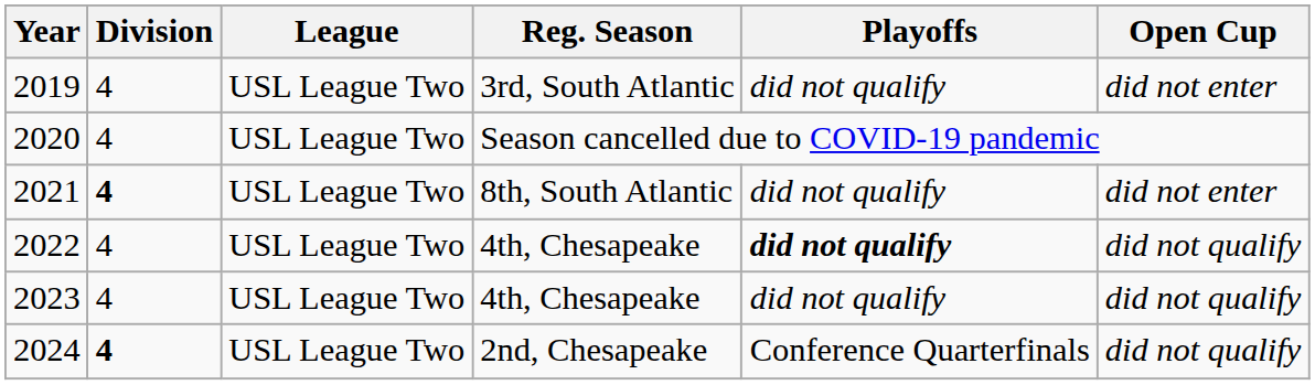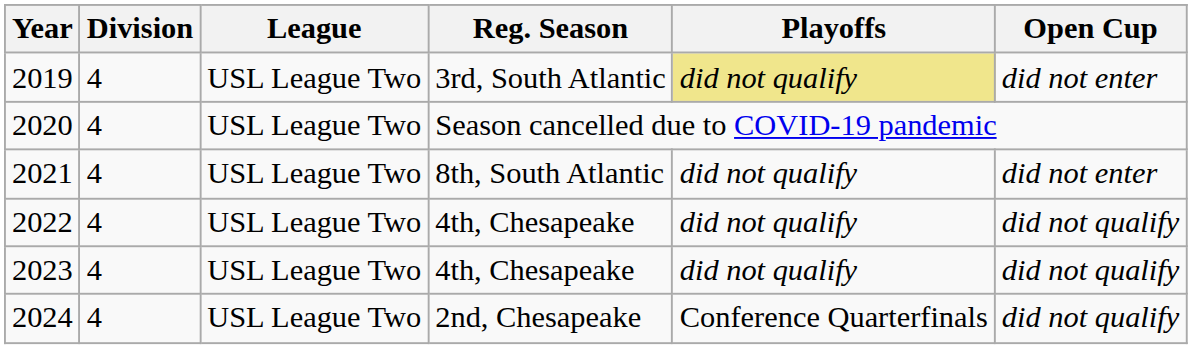 <table class="wikitable">
 <tr>
 <th>Year</th>
 <th>Division</th>
 <th>League</th>
 <th>Reg. Season</th>
 <th>Playoffs</th>
 <th>Open Cup</th>
 </tr>
 <tr>
 <td>2019</td>
 <td>4</td>
 <td>USL League Two</td>
 <td>3rd, South Atlantic</td>
-<td><em>did not qualify</em></td>
+<td style="background: khaki;"><em>did not qualify</em></td>
 <td><em>did not enter</em></td>
 </tr>
 <tr>
 <td>2020</td>
 <td>4</td>
 <td>USL League Two</td>
 <td colspan=3>Season cancelled due to <a href='#'>COVID-19 pandemic</a></td>
 </tr>
 <tr>
 <td>2021</td>
-<td><strong>4</strong></td>
+<td>4</td>
 <td>USL League Two</td>
 <td>8th, South Atlantic</td>
 <td><em>did not qualify</em></td>
 <td><em>did not enter</em></td>
 </tr>
 <tr>
 <td>2022</td>
 <td>4</td>
 <td>USL League Two</td>
 <td>4th, Chesapeake</td>
-<td><strong><em>did not qualify</em></strong></td>
+<td><em>did not qualify</em></td>
 <td><em>did not qualify</em></td>
 </tr>
 <tr>
 <td>2023</td>
 <td>4</td>
 <td>USL League Two</td>
 <td>4th, Chesapeake</td>
 <td><em>did not qualify</em></td>
 <td><em>did not qualify</em></td>
 </tr>
 <tr>
 <td>2024</td>
-<td><strong>4</strong></td>
+<td>4</td>
 <td>USL League Two</td>
 <td>2nd, Chesapeake</td>
 <td>Conference Quarterfinals</td>
 <td><em>did not qualify</em></td>
 </tr>
 </table>
